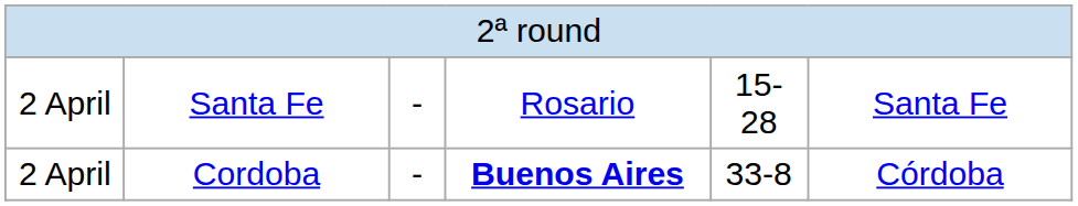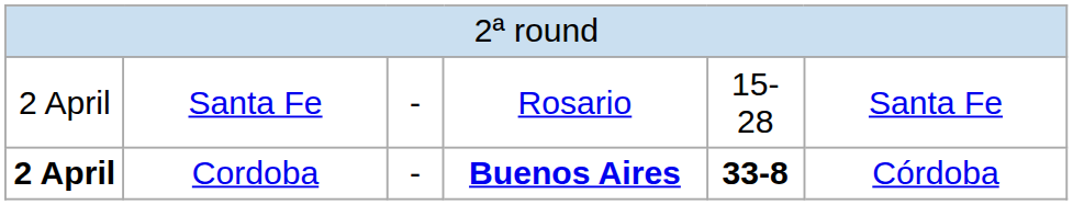 <table class="wikitable" style="text-align:center">
 <tr style="background:#cadff0;">
 <td style="text-align:center;" colspan="6">2ª round</td>
 </tr>
 <tr style="background:#fff;">
 <td width=50>2 April</td>
 <td width=120><a href='#'>Santa Fe</a></td>
 <td width=20>-</td>
 <td width=120><a href='#'>Rosario</a></td>
 <td width=40>15-28</td>
 <td width=120><a href='#'>Santa Fe</a></td>
 </tr>
 <tr style="background:#fff;">
-<td width=50>2 April</td>
+<td width=50><strong>2 April</strong></td>
 <td width=120><a href='#'>Cordoba</a></td>
 <td width=20>-</td>
 <td width=120><strong><a href='#'>Buenos Aires</a></strong></td>
-<td width=40>33-8</td>
+<td width=40><strong>33-8</strong></td>
 <td width=120><a href='#'>Córdoba</a></td>
 </tr>
 </table>
